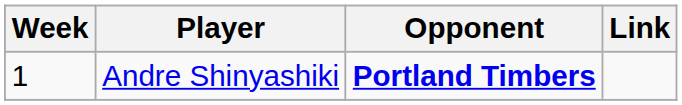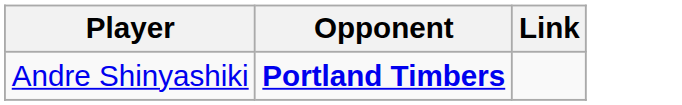 <table class=wikitable style="display:inline-table;">
 <tr>
-<th>Week</th>
 <th>Player</th>
 <th>Opponent</th>
 <th>Link</th>
 </tr>
 <tr>
-<td>1</td>
 <td> <a href='#'>Andre Shinyashiki</a></td>
 <td><strong><a href='#'>Portland Timbers</a></strong></td>
 <td></td>
 </tr>
 </table>
